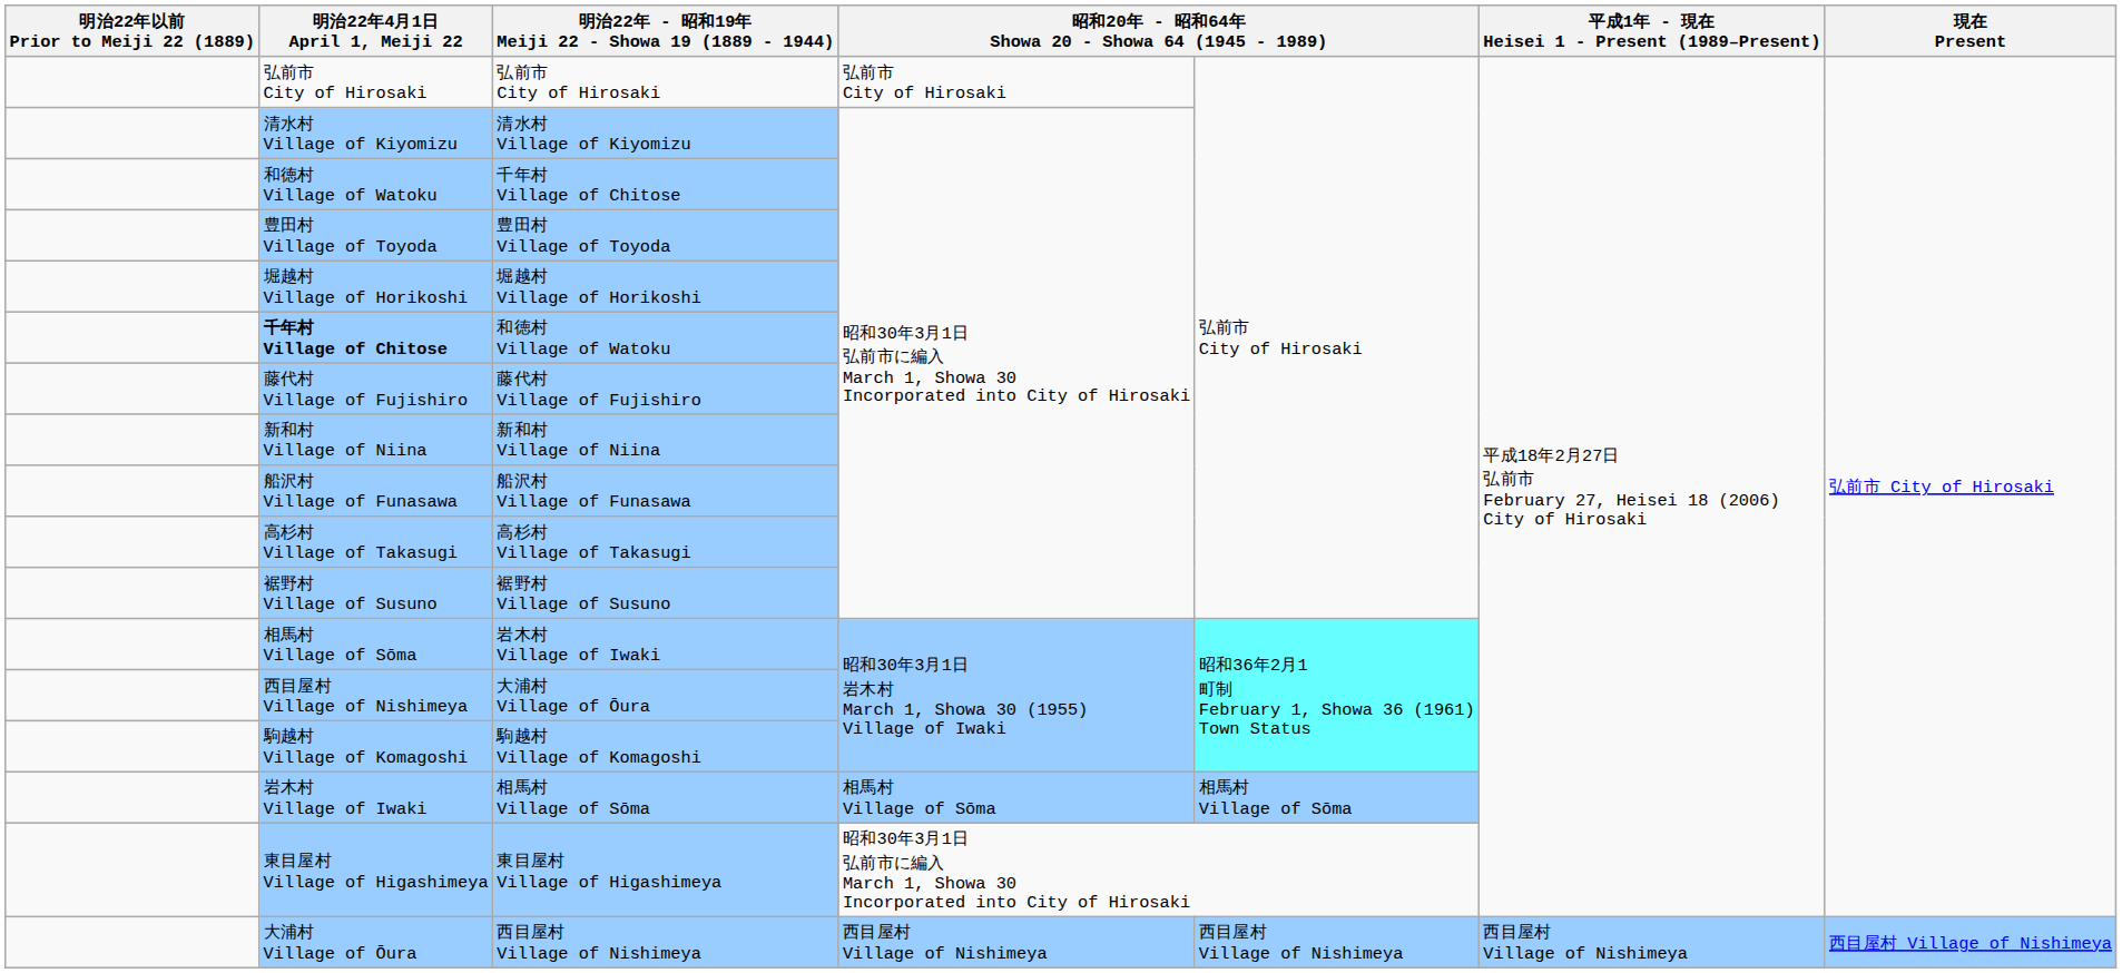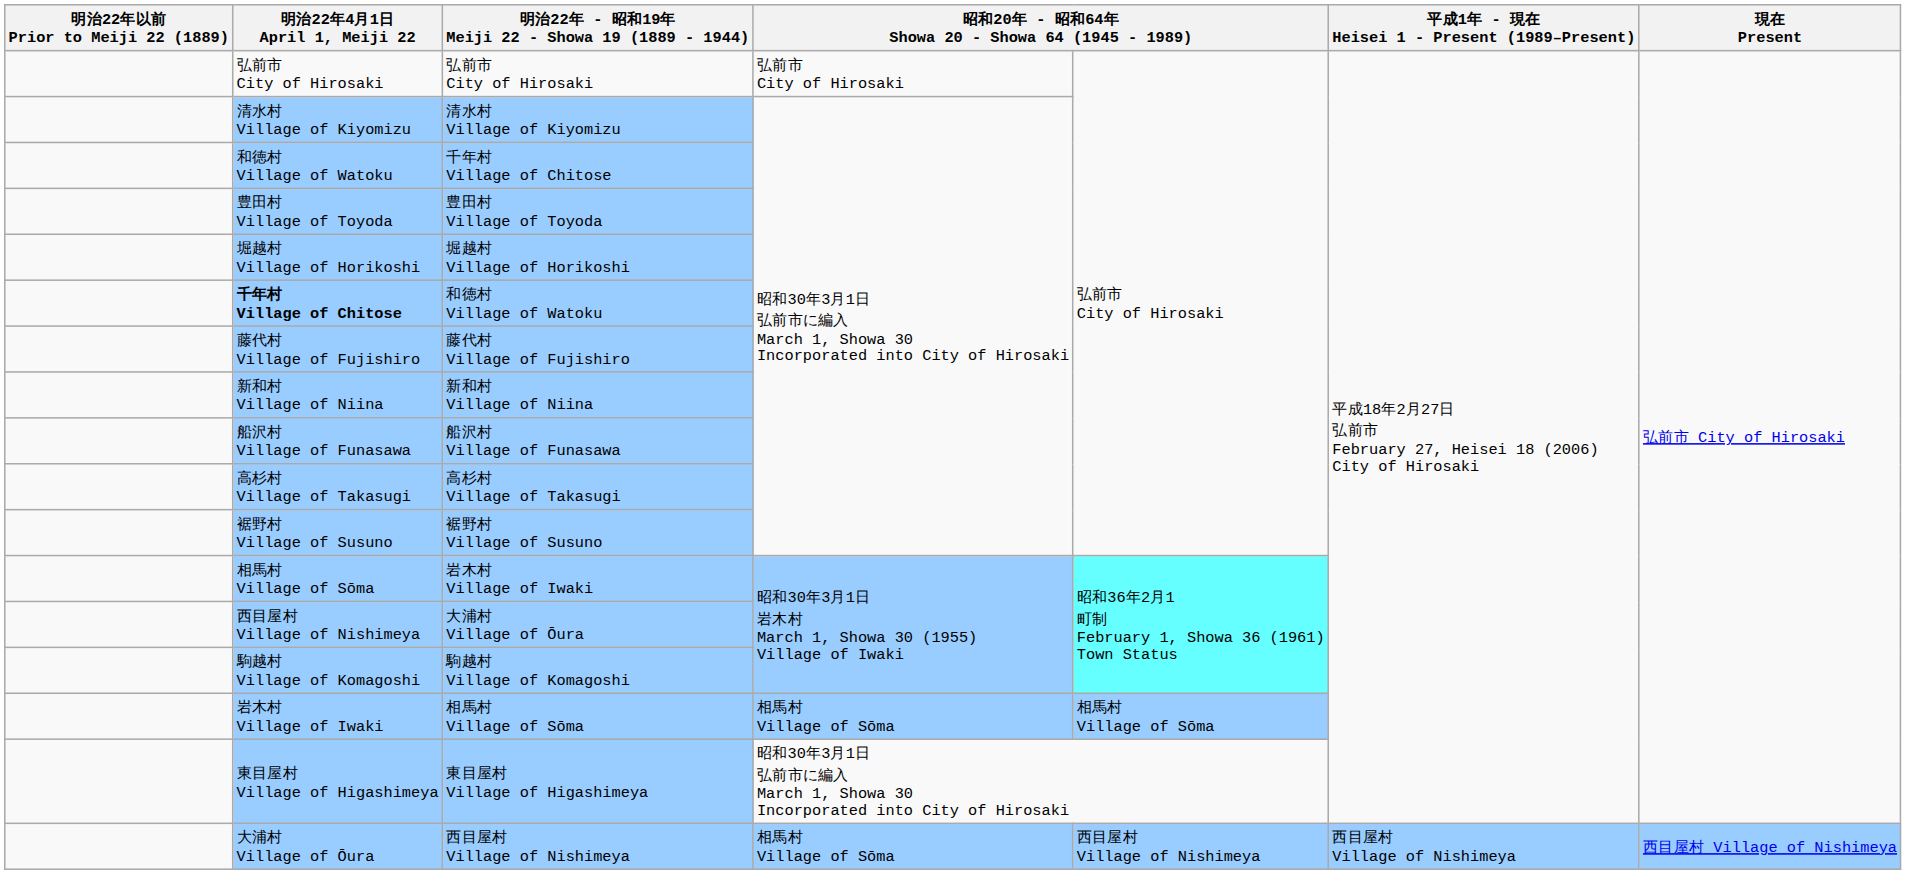 <table class="wikitable" style="font-size:x-small">
 <tr>
 <th>明治22年以前<br>Prior to Meiji 22 (1889)</th>
 <th>明治22年4月1日<br>April 1, Meiji 22</th>
 <th>明治22年 - 昭和19年<br>Meiji 22 - Showa 19 (1889 - 1944)</th>
 <th colspan="2">昭和20年 - 昭和64年<br>Showa 20 - Showa 64 (1945 - 1989)</th>
 <th>平成1年 - 現在<br>Heisei 1 - Present (1989–Present)</th>
 <th>現在<br>Present</th>
 </tr>
 <tr>
 <td></td>
 <td>弘前市<br>City of Hirosaki</td>
 <td>弘前市<br>City of Hirosaki</td>
 <td>弘前市<br>City of Hirosaki</td>
 <td rowspan="11">弘前市<br>City of Hirosaki</td>
 <td rowspan="16">平成18年2月27日<br>弘前市<br>February 27, Heisei 18 (2006)<br>City of Hirosaki</td>
 <td rowspan="16"><a href='#'>弘前市 City of Hirosaki</a></td>
 </tr>
 <tr>
 <td></td>
 <td style="background-color:#9cf;">清水村<br>Village of Kiyomizu</td>
 <td style="background-color:#9cf;">清水村<br>Village of Kiyomizu</td>
 <td rowspan="10">昭和30年3月1日<br>弘前市に編入<br>March 1, Showa 30<br>Incorporated into City of Hirosaki</td>
 </tr>
 <tr>
 <td></td>
 <td style="background-color:#9cf;">和徳村<br>Village of Watoku</td>
 <td style="background-color:#9cf;">千年村<br>Village of Chitose</td>
 </tr>
 <tr>
 <td></td>
 <td style="background-color:#9cf;">豊田村<br>Village of Toyoda</td>
 <td style="background-color:#9cf;">豊田村<br>Village of Toyoda</td>
 </tr>
 <tr>
 <td></td>
 <td style="background-color:#9cf;">堀越村<br>Village of Horikoshi</td>
 <td style="background-color:#9cf;">堀越村<br>Village of Horikoshi</td>
 </tr>
 <tr>
 <td></td>
 <td style="background-color:#9cf;"><strong>千年村<br>Village of Chitose</strong></td>
 <td style="background-color:#9cf;">和徳村<br>Village of Watoku</td>
 </tr>
 <tr>
 <td></td>
 <td style="background-color:#9cf;">藤代村<br>Village of Fujishiro</td>
 <td style="background-color:#9cf;">藤代村<br>Village of Fujishiro</td>
 </tr>
 <tr>
 <td></td>
 <td style="background-color:#9cf;">新和村<br>Village of Niina</td>
 <td style="background-color:#9cf;">新和村<br>Village of Niina</td>
 </tr>
 <tr>
 <td></td>
 <td style="background-color:#9cf;">船沢村<br>Village of Funasawa</td>
 <td style="background-color:#9cf;">船沢村<br>Village of Funasawa</td>
 </tr>
 <tr>
 <td></td>
 <td style="background-color:#9cf;">高杉村<br>Village of Takasugi</td>
 <td style="background-color:#9cf;">高杉村<br>Village of Takasugi</td>
 </tr>
 <tr>
 <td></td>
 <td style="background-color:#9cf;">裾野村<br>Village of Susuno</td>
 <td style="background-color:#9cf;">裾野村<br>Village of Susuno</td>
 </tr>
 <tr>
 <td></td>
 <td style="background-color:#9cf;">相馬村<br>Village of Sōma</td>
 <td style="background-color:#9cf;">岩木村<br>Village of Iwaki</td>
 <td rowspan="3" style="background-color:#9cf;">昭和30年3月1日<br>岩木村<br>March 1, Showa 30 (1955)<br>Village of Iwaki</td>
 <td rowspan="3" style="background-color:#6ff;">昭和36年2月1<br>町制<br>February 1, Showa 36 (1961)<br>Town Status</td>
 </tr>
 <tr>
 <td></td>
 <td style="background-color:#9cf;">西目屋村<br>Village of Nishimeya</td>
 <td style="background-color:#9cf;">大浦村<br>Village of Ōura</td>
 </tr>
 <tr>
 <td></td>
 <td style="background-color:#9cf;">駒越村<br>Village of Komagoshi</td>
 <td style="background-color:#9cf;">駒越村<br>Village of Komagoshi</td>
 </tr>
 <tr>
 <td></td>
 <td style="background-color:#9cf;">岩木村<br>Village of Iwaki</td>
 <td style="background-color:#9cf;">相馬村<br>Village of Sōma</td>
 <td style="background-color:#9cf;">相馬村<br>Village of Sōma</td>
 <td style="background-color:#9cf;">相馬村<br>Village of Sōma</td>
 </tr>
 <tr>
 <td></td>
 <td style="background-color:#9cf;">東目屋村<br>Village of Higashimeya</td>
 <td style="background-color:#9cf;">東目屋村<br>Village of Higashimeya</td>
 <td colspan="2">昭和30年3月1日<br>弘前市に編入<br>March 1, Showa 30<br>Incorporated into City of Hirosaki</td>
 </tr>
 <tr>
 <td></td>
 <td style="background-color:#9cf;">大浦村<br>Village of Ōura</td>
 <td style="background-color:#9cf;">西目屋村<br>Village of Nishimeya</td>
-<td style="background-color:#9cf;">西目屋村<br>Village of Nishimeya</td>
+<td style="background-color:#9cf;">相馬村<br>Village of Sōma</td>
 <td style="background-color:#9cf;">西目屋村<br>Village of Nishimeya</td>
 <td style="background-color:#9cf;">西目屋村<br>Village of Nishimeya</td>
 <td style="background-color:#9cf;"><a href='#'>西目屋村 Village of Nishimeya</a></td>
 </tr>
 </table>
